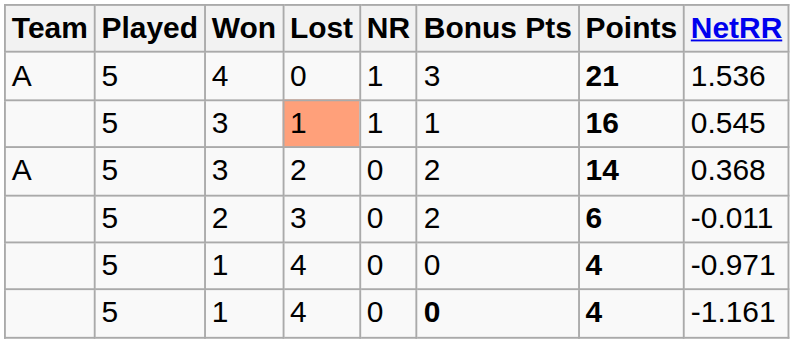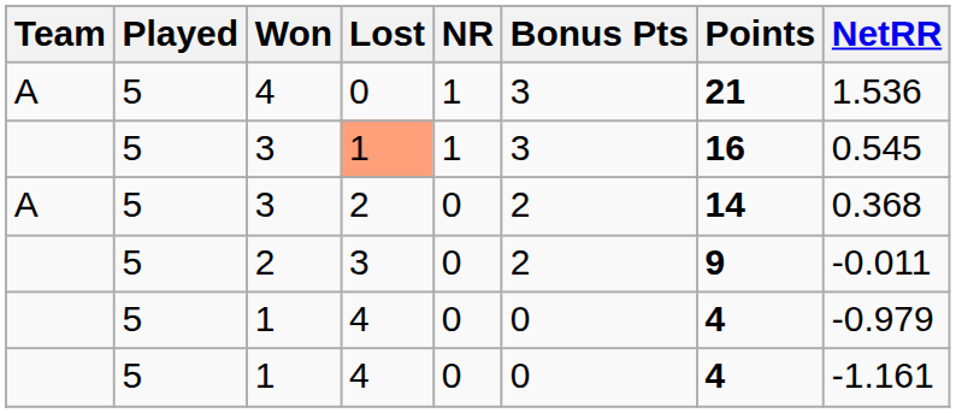 <table class="wikitable">
 <tr>
 <th>Team</th>
 <th>Played</th>
 <th>Won</th>
 <th>Lost</th>
 <th>NR</th>
 <th>Bonus Pts</th>
 <th>Points</th>
 <th><a href='#'>NetRR</a></th>
 </tr>
 <tr>
 <td> A</td>
 <td>5</td>
 <td>4</td>
 <td>0</td>
 <td>1</td>
 <td>3</td>
 <td><strong>21</strong></td>
 <td>1.536</td>
 </tr>
 <tr>
 <td></td>
 <td>5</td>
 <td>3</td>
 <td style="background: lightsalmon;">1</td>
 <td>1</td>
-<td>1</td>
+<td>3</td>
 <td><strong>16</strong></td>
 <td>0.545</td>
 </tr>
 <tr>
 <td> A</td>
 <td>5</td>
 <td>3</td>
 <td>2</td>
 <td>0</td>
 <td>2</td>
 <td><strong>14</strong></td>
 <td>0.368</td>
 </tr>
 <tr>
 <td></td>
 <td>5</td>
 <td>2</td>
 <td>3</td>
 <td>0</td>
 <td>2</td>
-<td><strong>6</strong></td>
+<td><strong>9</strong></td>
 <td>-0.011</td>
 </tr>
 <tr>
 <td></td>
 <td>5</td>
 <td>1</td>
 <td>4</td>
 <td>0</td>
 <td>0</td>
 <td><strong>4</strong></td>
-<td>-0.971</td>
+<td>-0.979</td>
 </tr>
 <tr>
 <td></td>
 <td>5</td>
 <td>1</td>
 <td>4</td>
 <td>0</td>
-<td><strong>0</strong></td>
+<td>0</td>
 <td><strong>4</strong></td>
 <td>-1.161</td>
 </tr>
 </table>
